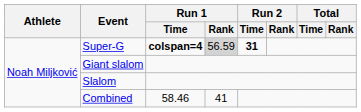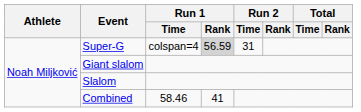 <table class="wikitable" style="font-size:90%">
 <tr>
 <th rowspan=2>Athlete</th>
 <th rowspan=2>Event</th>
 <th colspan=2>Run 1</th>
 <th colspan=2>Run 2</th>
 <th colspan=2>Total</th>
 </tr>
 <tr style="font-size:95%">
 <th>Time</th>
 <th>Rank</th>
 <th>Time</th>
 <th>Rank</th>
 <th>Time</th>
 <th>Rank</th>
 </tr>
 <tr align=center>
 <td align="left" rowspan="4"><a href='#'>Noah Miljković</a></td>
 <td align="left"><a href='#'>Super-G</a></td>
-<td><strong>colspan=4</strong></td>
+<td>colspan=4</td>
 <td style="background: lightgrey;">56.59</td>
-<td><strong>31</strong></td>
+<td>31</td>
 </tr>
 <tr align=center>
 <td align="left"><a href='#'>Giant slalom</a></td>
 <td colspan=6></td>
 </tr>
 <tr align=center>
 <td align="left"><a href='#'>Slalom</a></td>
 <td colspan=6></td>
 </tr>
 <tr align=center>
 <td align="left"><a href='#'>Combined</a></td>
 <td>58.46</td>
 <td>41</td>
 <td colspan=4></td>
 </tr>
 </table>
